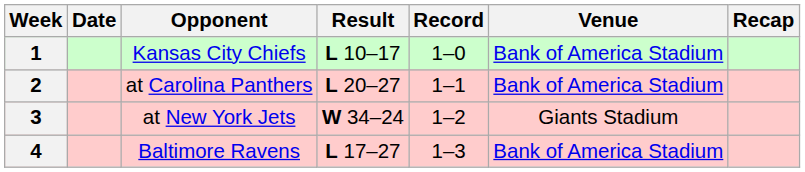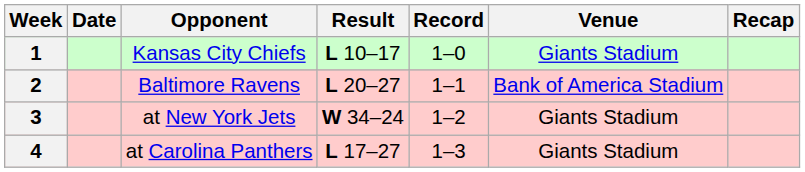 <table class="wikitable" style="text-align:center">
 <tr>
 <th>Week</th>
 <th>Date</th>
 <th>Opponent</th>
 <th>Result</th>
 <th>Record</th>
 <th>Venue</th>
 <th>Recap</th>
 </tr>
 <tr style="background: #cfc;">
 <th>1</th>
 <td></td>
 <td><a href='#'>Kansas City Chiefs</a></td>
 <td><strong>L</strong> 10–17</td>
 <td>1–0</td>
-<td><a href='#'>Bank of America Stadium</a></td>
+<td><a href='#'>Giants Stadium</a></td>
 <td></td>
 </tr>
 <tr style="background: #fcc;">
 <th>2</th>
 <td></td>
-<td>at <a href='#'>Carolina Panthers</a></td>
+<td><a href='#'>Baltimore Ravens</a></td>
 <td><strong>L</strong> 20–27</td>
 <td>1–1</td>
 <td><a href='#'>Bank of America Stadium</a></td>
 <td></td>
 </tr>
 <tr style="background: #fcc;">
 <th>3</th>
 <td></td>
 <td>at <a href='#'>New York Jets</a></td>
 <td><strong>W</strong> 34–24</td>
 <td>1–2</td>
 <td>Giants Stadium</td>
 <td></td>
 </tr>
 <tr style="background: #fcc;">
 <th>4</th>
 <td></td>
-<td><a href='#'>Baltimore Ravens</a></td>
+<td>at <a href='#'>Carolina Panthers</a></td>
 <td><strong>L</strong> 17–27</td>
 <td>1–3</td>
-<td><a href='#'>Bank of America Stadium</a></td>
+<td>Giants Stadium</td>
 <td></td>
 </tr>
 </table>
